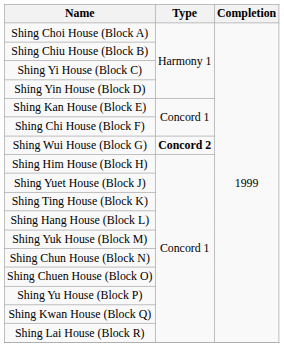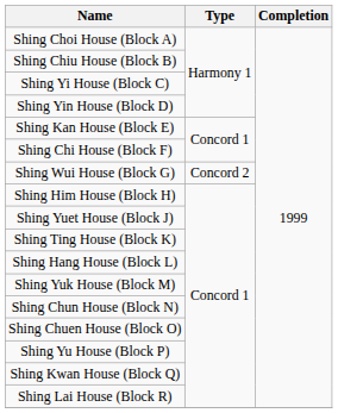 <table class="wikitable" style="text-align: center">
 <tr>
 <th>Name </th>
 <th>Type</th>
 <th>Completion</th>
 </tr>
 <tr>
 <td>Shing Choi House (Block A)</td>
 <td rowspan="4">Harmony 1</td>
 <td rowspan="17">1999</td>
 </tr>
 <tr>
 <td>Shing Chiu House (Block B)</td>
 </tr>
 <tr>
 <td>Shing Yi House (Block C)</td>
 </tr>
 <tr>
 <td>Shing Yin House (Block D)</td>
 </tr>
 <tr>
 <td>Shing Kan House (Block E)</td>
 <td rowspan="2">Concord 1</td>
 </tr>
 <tr>
 <td>Shing Chi House (Block F)</td>
 </tr>
 <tr>
 <td>Shing Wui House (Block G)</td>
-<td><strong>Concord 2</strong></td>
+<td>Concord 2</td>
 </tr>
 <tr>
 <td>Shing Him House (Block H)</td>
 <td rowspan="10">Concord 1</td>
 </tr>
 <tr>
 <td>Shing Yuet House (Block J)</td>
 </tr>
 <tr>
 <td>Shing Ting House (Block K)</td>
 </tr>
 <tr>
 <td>Shing Hang House (Block L)</td>
 </tr>
 <tr>
 <td>Shing Yuk House (Block M)</td>
 </tr>
 <tr>
 <td>Shing Chun House (Block N)</td>
 </tr>
 <tr>
 <td>Shing Chuen House (Block O)</td>
 </tr>
 <tr>
 <td>Shing Yu House (Block P)</td>
 </tr>
 <tr>
 <td>Shing Kwan House (Block Q)</td>
 </tr>
 <tr>
 <td>Shing Lai House (Block R)</td>
 </tr>
 <tr>
 </tr>
 </table>
